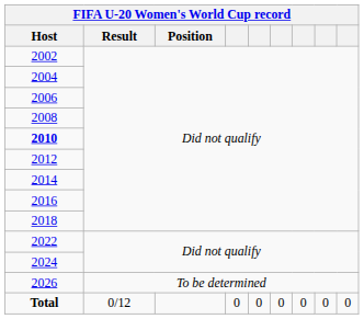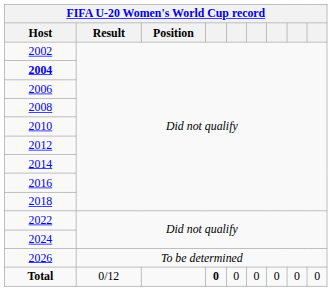 <table class="wikitable collapsible" style="text-align: center;">
 <tr>
 <th colspan=9 style=><a href='#'>FIFA U-20 Women's World Cup record</a></th>
 </tr>
 <tr>
 <th width="90">Host</th>
 <th width="80">Result</th>
 <th width="80">Position</th>
 <th width="20"></th>
 <th width="20"></th>
 <th width="20"></th>
 <th width="20"></th>
 <th width="20"></th>
 <th width="20"></th>
 </tr>
 <tr>
 <td> <a href='#'>2002</a></td>
 <td rowspan=9 colspan=9><em>Did not qualify</em></td>
 </tr>
 <tr>
-<td> <a href='#'>2004</a></td>
+<td><strong> <a href='#'>2004</a></strong></td>
 </tr>
 <tr>
 <td> <a href='#'>2006</a></td>
 </tr>
 <tr>
 <td> <a href='#'>2008</a></td>
 </tr>
 <tr>
-<td><strong> <a href='#'>2010</a></strong></td>
+<td> <a href='#'>2010</a></td>
 </tr>
 <tr>
 <td> <a href='#'>2012</a></td>
 </tr>
 <tr>
 <td> <a href='#'>2014</a></td>
 </tr>
 <tr>
 <td> <a href='#'>2016</a></td>
 </tr>
 <tr>
 <td> <a href='#'>2018</a></td>
 </tr>
 <tr>
 <td> <a href='#'>2022</a></td>
 <td rowspan=2 colspan=10><em>Did not qualify</em></td>
 </tr>
 <tr>
 <td> <a href='#'>2024</a></td>
 </tr>
 <tr>
 <td> <a href='#'>2026</a></td>
 <td colspan=10><em>To be determined</em></td>
 </tr>
 <tr>
 <td><strong>Total</strong></td>
 <td>0/12</td>
 <td></td>
-<td>0</td>
+<td><strong>0</strong></td>
 <td>0</td>
 <td>0</td>
 <td>0</td>
 <td>0</td>
 <td>0</td>
 </tr>
 </table>
